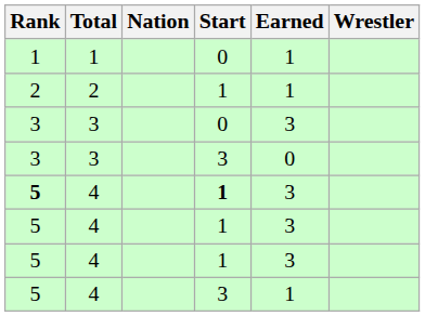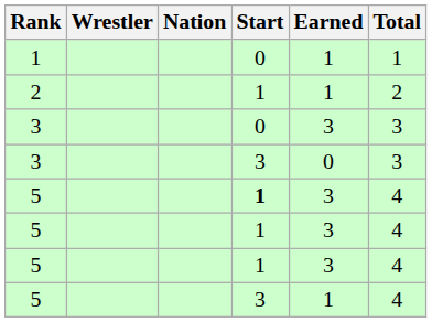 <table class="wikitable sortable" style="text-align:center;">
 <tr>
 <th>Rank</th>
-<th>Total</th>
+<th>Wrestler</th>
 <th>Nation</th>
 <th>Start</th>
 <th>Earned</th>
-<th>Wrestler</th>
+<th>Total</th>
 </tr>
 <tr style="background:#cfc;">
 <td>1</td>
-<td>1</td>
+<td align=left></td>
 <td align=left></td>
 <td>0</td>
 <td>1</td>
-<td align=left></td>
+<td>1</td>
 </tr>
 <tr style="background:#cfc;">
 <td>2</td>
-<td>2</td>
+<td align=left></td>
 <td align=left></td>
 <td>1</td>
 <td>1</td>
-<td align=left></td>
+<td>2</td>
 </tr>
 <tr style="background:#cfc;">
 <td>3</td>
-<td>3</td>
+<td align=left></td>
 <td align=left></td>
 <td>0</td>
 <td>3</td>
-<td align=left></td>
+<td>3</td>
 </tr>
 <tr style="background:#cfc;">
 <td>3</td>
-<td>3</td>
+<td align=left></td>
 <td align=left></td>
 <td>3</td>
 <td>0</td>
-<td align=left></td>
+<td>3</td>
 </tr>
 <tr style="background:#cfc;">
-<td><strong>5</strong></td>
-<td>4</td>
+<td>5</td>
+<td align=left></td>
 <td align=left></td>
 <td><strong>1</strong></td>
 <td>3</td>
-<td align=left></td>
+<td>4</td>
 </tr>
 <tr style="background:#cfc;">
 <td>5</td>
-<td>4</td>
+<td align=left></td>
 <td align=left></td>
 <td>1</td>
 <td>3</td>
-<td align=left></td>
+<td>4</td>
 </tr>
 <tr style="background:#cfc;">
 <td>5</td>
-<td>4</td>
+<td align=left></td>
 <td align=left></td>
 <td>1</td>
 <td>3</td>
-<td align=left></td>
+<td>4</td>
 </tr>
 <tr style="background:#cfc;">
 <td>5</td>
-<td>4</td>
+<td align=left></td>
 <td align=left></td>
 <td>3</td>
 <td>1</td>
-<td align=left></td>
+<td>4</td>
 </tr>
 </table>
